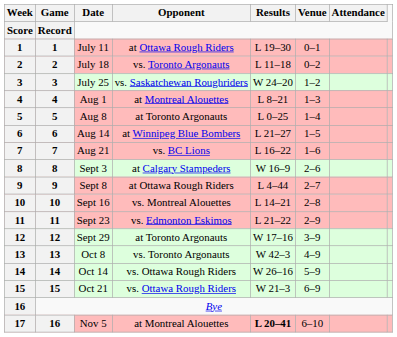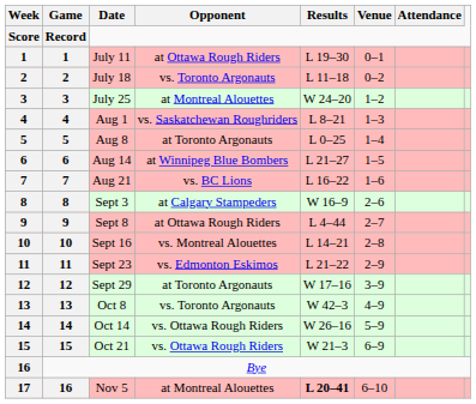 <table class="wikitable" style="text-align:center">
 <tr>
 <th>Week</th>
 <th>Game</th>
 <th>Date</th>
 <th>Opponent</th>
 <th>Results</th>
 <th>Venue</th>
 <th>Attendance</th>
 </tr>
 <tr>
 <th>Score</th>
 <th>Record</th>
 </tr>
 <tr style="background:#ffbbbb">
 <th>1</th>
 <th>1</th>
 <td>July 11</td>
 <td>at <a href='#'>Ottawa Rough Riders</a></td>
 <td>L 19–30</td>
 <td>0–1</td>
 <td></td>
 <td></td>
 </tr>
 <tr style="background:#ffbbbb">
 <th>2</th>
 <th>2</th>
 <td>July 18</td>
 <td>vs. <a href='#'>Toronto Argonauts</a></td>
 <td>L 11–18</td>
 <td>0–2</td>
 <td></td>
 <td></td>
 </tr>
 <tr style="background:#ddffdd">
 <th>3</th>
 <th>3</th>
 <td>July 25</td>
-<td>vs. <a href='#'>Saskatchewan Roughriders</a></td>
+<td>at <a href='#'>Montreal Alouettes</a></td>
 <td>W 24–20</td>
 <td>1–2</td>
 <td></td>
 <td></td>
 </tr>
 <tr style="background:#ffbbbb">
 <th>4</th>
 <th>4</th>
 <td>Aug 1</td>
-<td>at <a href='#'>Montreal Alouettes</a></td>
+<td>vs. <a href='#'>Saskatchewan Roughriders</a></td>
 <td>L 8–21</td>
 <td>1–3</td>
 <td></td>
 <td></td>
 </tr>
 <tr style="background:#ffbbbb">
 <th>5</th>
 <th>5</th>
 <td>Aug 8</td>
 <td>at Toronto Argonauts</td>
 <td>L 0–25</td>
 <td>1–4</td>
 <td></td>
 <td></td>
 </tr>
 <tr style="background:#ffbbbb">
 <th>6</th>
 <th>6</th>
 <td>Aug 14</td>
 <td>at <a href='#'>Winnipeg Blue Bombers</a></td>
 <td>L 21–27</td>
 <td>1–5</td>
 <td></td>
 <td></td>
 </tr>
 <tr style="background:#ffbbbb">
 <th>7</th>
 <th>7</th>
 <td>Aug 21</td>
 <td>vs. <a href='#'>BC Lions</a></td>
 <td>L 16–22</td>
 <td>1–6</td>
 <td></td>
 <td></td>
 </tr>
 <tr style="background:#ddffdd">
 <th>8</th>
 <th>8</th>
 <td>Sept 3</td>
 <td>at <a href='#'>Calgary Stampeders</a></td>
 <td>W 16–9</td>
 <td>2–6</td>
 <td></td>
 <td></td>
 </tr>
 <tr style="background:#ffbbbb">
 <th>9</th>
 <th>9</th>
 <td>Sept 8</td>
 <td>at Ottawa Rough Riders</td>
 <td>L 4–44</td>
 <td>2–7</td>
 <td></td>
 <td></td>
 </tr>
 <tr style="background:#ffbbbb">
 <th>10</th>
 <th>10</th>
 <td>Sept 16</td>
 <td>vs. Montreal Alouettes</td>
 <td>L 14–21</td>
 <td>2–8</td>
 <td></td>
 <td></td>
 </tr>
 <tr style="background:#ffbbbb">
 <th>11</th>
 <th>11</th>
 <td>Sept 23</td>
 <td>vs. <a href='#'>Edmonton Eskimos</a></td>
 <td>L 21–22</td>
 <td>2–9</td>
 <td></td>
 <td></td>
 </tr>
 <tr style="background:#ddffdd">
 <th>12</th>
 <th>12</th>
 <td>Sept 29</td>
 <td>at Toronto Argonauts</td>
 <td>W 17–16</td>
 <td>3–9</td>
 <td></td>
 <td></td>
 </tr>
 <tr style="background:#ddffdd">
 <th>13</th>
 <th>13</th>
 <td>Oct 8</td>
 <td>vs. Toronto Argonauts</td>
 <td>W 42–3</td>
 <td>4–9</td>
 <td></td>
 <td></td>
 </tr>
 <tr style="background:#ddffdd">
 <th>14</th>
 <th>14</th>
 <td>Oct 14</td>
 <td>vs. Ottawa Rough Riders</td>
 <td>W 26–16</td>
 <td>5–9</td>
 <td></td>
 <td></td>
 </tr>
 <tr style="background:#ddffdd">
 <th>15</th>
 <th>15</th>
 <td>Oct 21</td>
 <td>vs. <a href='#'>Ottawa Rough Riders</a></td>
 <td>W 21–3</td>
 <td>6–9</td>
 <td></td>
 <td></td>
 </tr>
 <tr>
 <th>16</th>
 <td colspan=7><em><a href='#'>Bye</a></em></td>
 </tr>
 <tr style="background:#ffbbbb">
 <th>17</th>
 <th>16</th>
 <td>Nov 5</td>
 <td>at Montreal Alouettes</td>
 <td><strong>L 20–41</strong></td>
 <td>6–10</td>
 <td></td>
 <td></td>
 </tr>
 </table>
